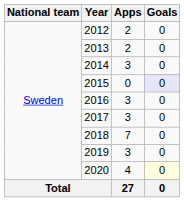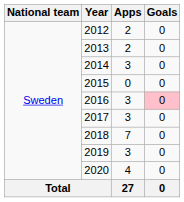 <table class="wikitable" style="text-align: center;">
 <tr>
 <th>National team</th>
 <th>Year</th>
 <th>Apps</th>
 <th>Goals</th>
 </tr>
 <tr>
 <td rowspan="9"><a href='#'>Sweden</a></td>
 <td>2012</td>
 <td>2</td>
 <td>0</td>
 </tr>
 <tr>
 <td>2013</td>
 <td>2</td>
 <td>0</td>
 </tr>
 <tr>
 <td>2014</td>
 <td>3</td>
 <td>0</td>
 </tr>
 <tr>
 <td>2015</td>
 <td>0</td>
-<td style="background: lavender;">0</td>
+<td>0</td>
 </tr>
 <tr>
 <td>2016</td>
 <td>3</td>
-<td>0</td>
+<td style="background: pink;">0</td>
 </tr>
 <tr>
 <td>2017</td>
 <td>3</td>
 <td>0</td>
 </tr>
 <tr>
 <td>2018</td>
 <td>7</td>
 <td>0</td>
 </tr>
 <tr>
 <td>2019</td>
 <td>3</td>
 <td>0</td>
 </tr>
 <tr>
 <td>2020</td>
 <td>4</td>
-<td style="background: lightyellow;">0</td>
+<td>0</td>
 </tr>
 <tr>
 <th colspan="2">Total</th>
 <th>27</th>
 <th>0</th>
 </tr>
 </table>
